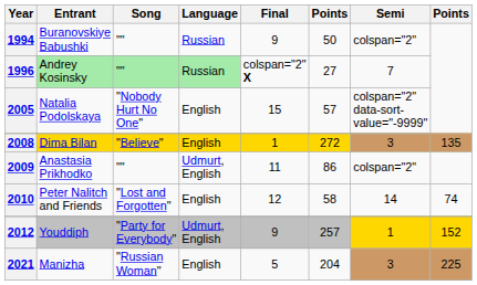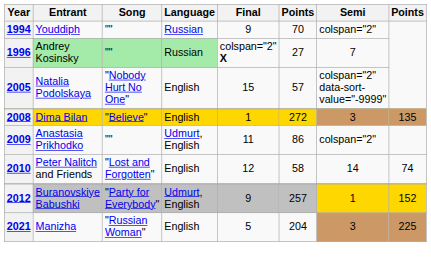 <table class="wikitable sortable plainrowheaders">
 <tr>
 <th width=30px>Year</th>
 <th>Entrant</th>
 <th>Song</th>
 <th>Language</th>
 <th width=50px>Final</th>
 <th width=50px>Points</th>
 <th width=50px>Semi</th>
 <th width=50px>Points</th>
 </tr>
 <tr>
 <th scope="row" style="text-align:center"><a href='#'>1994</a></th>
-<td><a href='#'>Buranovskiye Babushki</a></td>
+<td><a href='#'>Youddiph</a></td>
 <td>"" </td>
 <td><a href='#'>Russian</a></td>
 <td style="text-align:center">9</td>
-<td style="text-align:center">50</td>
+<td style="text-align:center">70</td>
 <td>colspan="2" </td>
 </tr>
 <tr>
 <th scope="row" style="text-align:center"><a href='#'>1996</a></th>
 <td style="background:#A4EAA9">Andrey Kosinsky</td>
 <td style="background:#A4EAA9">"" </td>
 <td style="background:#A4EAA9">Russian</td>
 <td>colspan="2"  <strong>X</strong></td>
 <td style="text-align:center">27</td>
 <td style="text-align:center">7</td>
 </tr>
 <tr>
 <th scope="row" style="text-align:center"><a href='#'>2005</a></th>
 <td><a href='#'>Natalia Podolskaya</a></td>
 <td>"<a href='#'>Nobody Hurt No One</a>"</td>
 <td>English</td>
 <td style="text-align:center">15</td>
 <td style="text-align:center">57</td>
 <td>colspan="2" data-sort-value="-9999" </td>
 </tr>
 <tr>
 </tr>
 <tr style="background:gold">
 <th scope="row" style="text-align:center"><a href='#'>2008</a></th>
 <td><a href='#'>Dima Bilan</a></td>
 <td>"<a href='#'>Believe</a>"</td>
 <td>English</td>
 <td style="text-align:center">1</td>
 <td style="text-align:center">272</td>
 <td style="background:#c96; text-align:center">3</td>
 <td style="background:#c96; text-align:center">135</td>
 </tr>
 <tr>
 <th scope="row" style="text-align:center"><a href='#'>2009</a></th>
 <td><a href='#'>Anastasia Prikhodko</a></td>
 <td>"" </td>
 <td><a href='#'>Udmurt</a>, English</td>
 <td style="text-align:center">11</td>
 <td style="text-align:center">86</td>
 <td>colspan="2"</td>
 </tr>
 <tr>
 <th scope="row" style="text-align:center"><a href='#'>2010</a></th>
 <td><a href='#'>Peter Nalitch</a> and Friends</td>
 <td>"<a href='#'>Lost and Forgotten</a>"</td>
 <td>English</td>
 <td style="text-align:center">12</td>
 <td style="text-align:center">58</td>
 <td style="text-align:center">14</td>
 <td style="text-align:center">74</td>
 </tr>
 <tr>
 </tr>
 <tr style="background:silver">
 <th scope="row" style="text-align:center"><a href='#'>2012</a></th>
-<td><a href='#'>Youddiph</a></td>
+<td><a href='#'>Buranovskiye Babushki</a></td>
 <td>"<a href='#'>Party for Everybody</a>"</td>
 <td><a href='#'>Udmurt</a>, English</td>
 <td style="text-align:center">9</td>
 <td style="text-align:center">257</td>
 <td style="background:gold; text-align:center">1</td>
 <td style="background:gold; text-align:center">152</td>
 </tr>
 <tr>
 <th scope="row" style="text-align:center"><a href='#'>2021</a></th>
 <td><a href='#'>Manizha</a></td>
 <td>"<a href='#'>Russian Woman</a>"</td>
 <td>English</td>
 <td style="text-align:center">5</td>
 <td style="text-align:center">204</td>
 <td style="background:#c96; text-align:center">3</td>
 <td style="background:#c96; text-align:center">225</td>
 </tr>
 </table>
